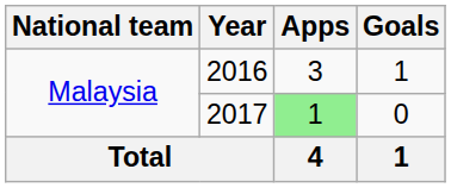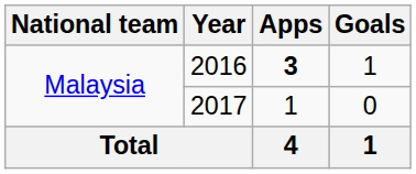 <table class=wikitable style="text-align: center;">
 <tr>
 <th>National team</th>
 <th>Year</th>
 <th>Apps</th>
 <th>Goals</th>
 </tr>
 <tr>
 <td rowspan=2><a href='#'>Malaysia</a></td>
 <td>2016</td>
-<td>3</td>
+<td><strong>3</strong></td>
 <td>1</td>
 </tr>
 <tr>
 <td>2017</td>
-<td style="background: lightgreen;">1</td>
+<td>1</td>
 <td>0</td>
 </tr>
 <tr>
 <th colspan=2>Total</th>
 <th>4</th>
 <th>1</th>
 </tr>
 </table>
